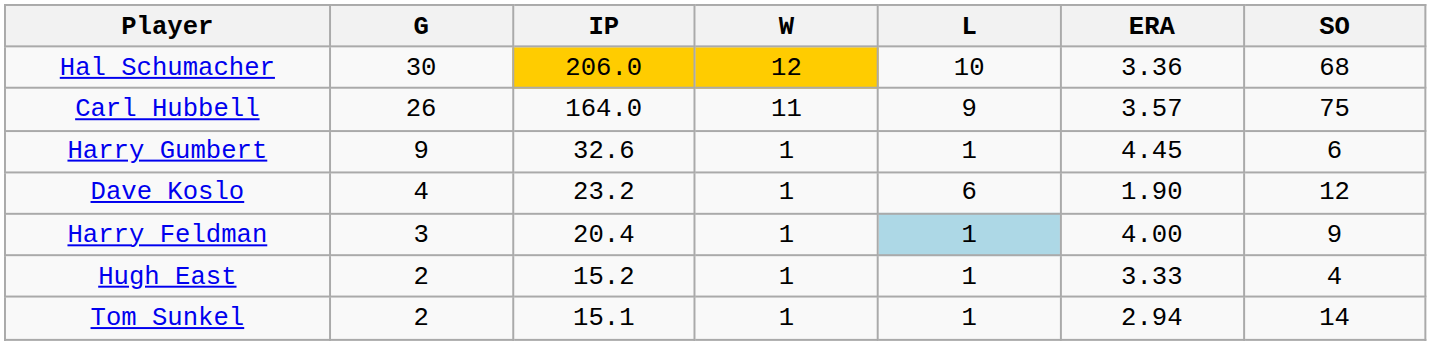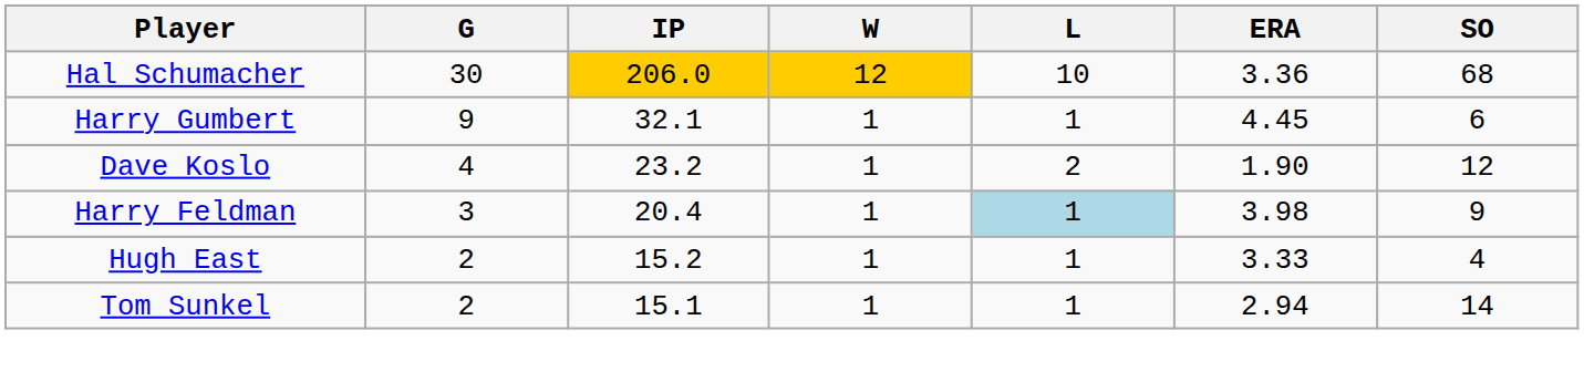 <table class="wikitable sortable">
 <tr>
 <th bgcolor="#DDDDFF" width="16%">Player</th>
 <th bgcolor="#DDDDFF" width="9%">G</th>
 <th bgcolor="#DDDDFF" width="9%">IP</th>
 <th bgcolor="#DDDDFF" width="9%">W</th>
 <th bgcolor="#DDDDFF" width="9%">L</th>
 <th bgcolor="#DDDDFF" width="9%">ERA</th>
 <th bgcolor="#DDDDFF" width="9%">SO</th>
 </tr>
 <tr align="center">
 <td><a href='#'>Hal Schumacher</a></td>
 <td>30</td>
 <td style="background:#fc0;">206.0</td>
 <td style="background:#fc0;">12</td>
 <td>10</td>
 <td>3.36</td>
 <td>68</td>
 </tr>
 <tr align="center">
-<td><a href='#'>Carl Hubbell</a></td>
-<td>26</td>
-<td>164.0</td>
-<td>11</td>
-<td>9</td>
-<td>3.57</td>
-<td>75</td>
-</tr>
-<tr align="center">
 <td><a href='#'>Harry Gumbert</a></td>
 <td>9</td>
-<td>32.6</td>
+<td>32.1</td>
 <td>1</td>
 <td>1</td>
 <td>4.45</td>
 <td>6</td>
 </tr>
 <tr align="center">
 <td><a href='#'>Dave Koslo</a></td>
 <td>4</td>
 <td>23.2</td>
 <td>1</td>
-<td>6</td>
+<td>2</td>
 <td>1.90</td>
 <td>12</td>
 </tr>
 <tr align="center">
 <td><a href='#'>Harry Feldman</a></td>
 <td>3</td>
 <td>20.4</td>
 <td>1</td>
 <td style="background: lightblue;">1</td>
-<td>4.00</td>
+<td>3.98</td>
 <td>9</td>
 </tr>
 <tr align="center">
 <td><a href='#'>Hugh East</a></td>
 <td>2</td>
 <td>15.2</td>
 <td>1</td>
 <td>1</td>
 <td>3.33</td>
 <td>4</td>
 </tr>
 <tr align="center">
 <td><a href='#'>Tom Sunkel</a></td>
 <td>2</td>
 <td>15.1</td>
 <td>1</td>
 <td>1</td>
 <td>2.94</td>
 <td>14</td>
 </tr>
 </table>
